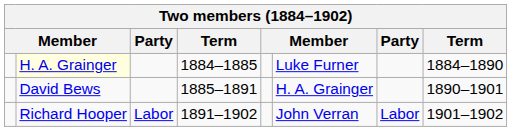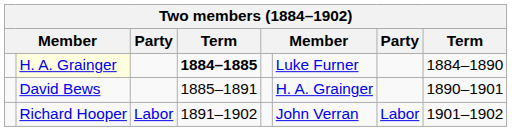 <table class="wikitable">
 <tr>
 <th colspan=8>Two members (1884–1902)</th>
 </tr>
 <tr>
 <th colspan=2>Member</th>
 <th>Party</th>
 <th>Term</th>
 <th colspan=2>Member</th>
 <th>Party</th>
 <th>Term</th>
 </tr>
 <tr>
 <td> </td>
 <td style="background: lightyellow;"><a href='#'>H. A. Grainger</a></td>
 <td></td>
-<td>1884–1885</td>
+<td><strong>1884–1885</strong></td>
 <td rowspan=2 > </td>
 <td rowspan=2><a href='#'>Luke Furner</a></td>
 <td rowspan=2></td>
 <td rowspan=2>1884–1890</td>
 </tr>
 <tr>
 <td rowspan=2 > </td>
 <td rowspan=2><a href='#'>David Bews</a></td>
 <td rowspan=2></td>
 <td rowspan=2>1885–1891</td>
 </tr>
 <tr>
 <td rowspan=2 > </td>
 <td rowspan=2><a href='#'>H. A. Grainger</a></td>
 <td rowspan=2></td>
 <td rowspan=2>1890–1901</td>
 </tr>
 <tr>
 <td rowspan=2 > </td>
 <td rowspan=2><a href='#'>Richard Hooper</a></td>
 <td rowspan=2><a href='#'>Labor</a></td>
 <td rowspan=2>1891–1902</td>
 </tr>
 <tr>
 <td> </td>
 <td><a href='#'>John Verran</a></td>
 <td><a href='#'>Labor</a></td>
 <td>1901–1902</td>
 </tr>
 </table>
